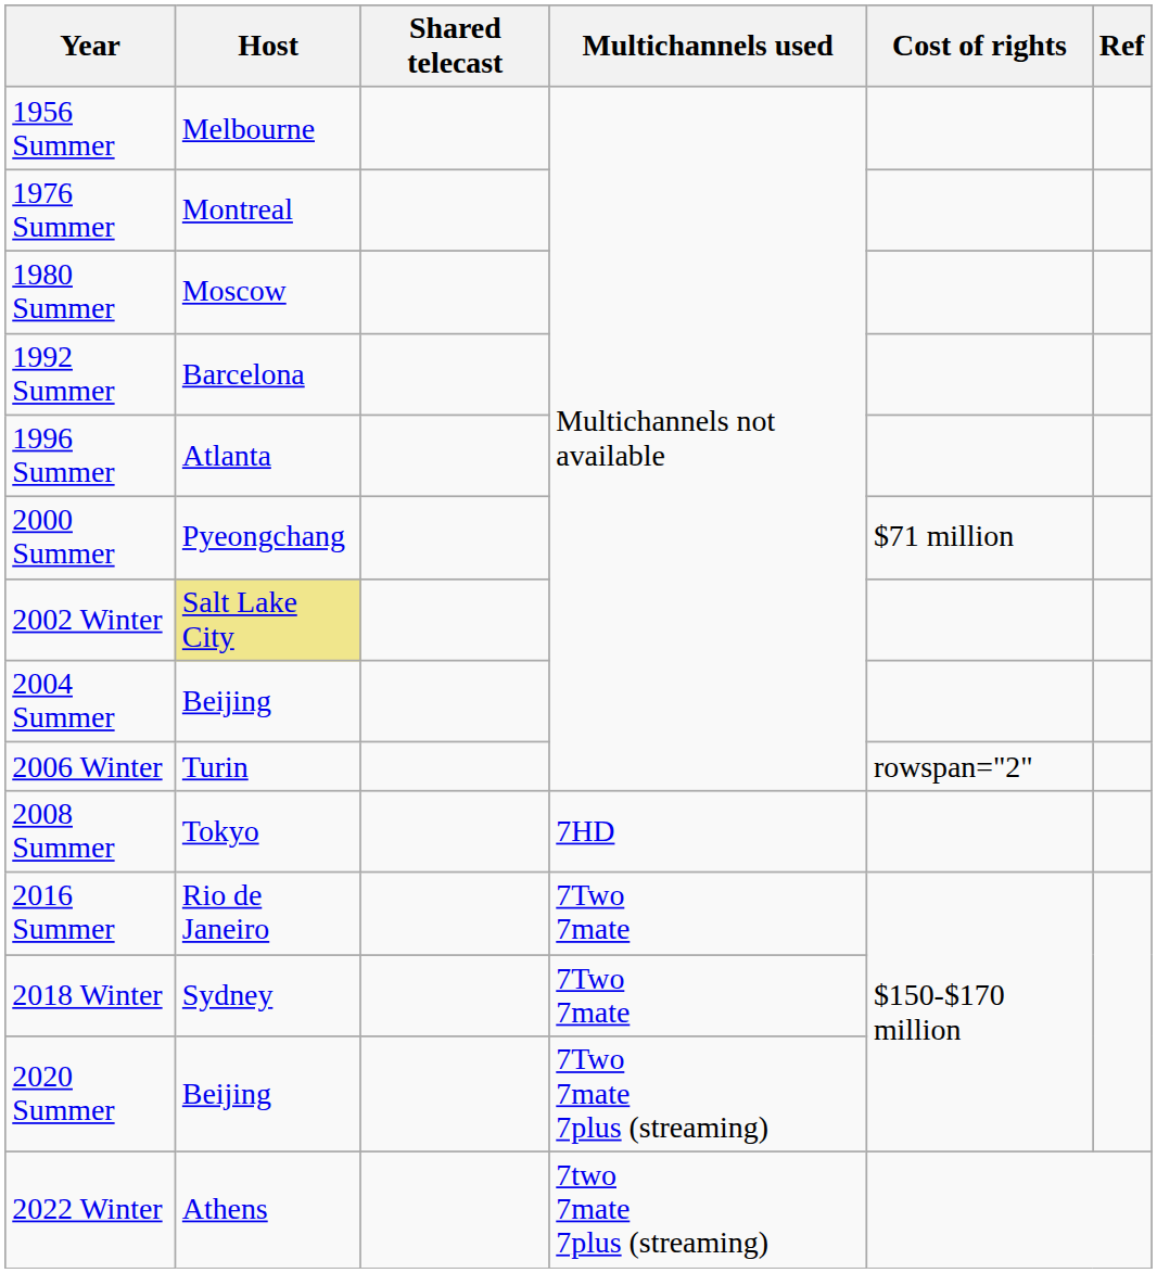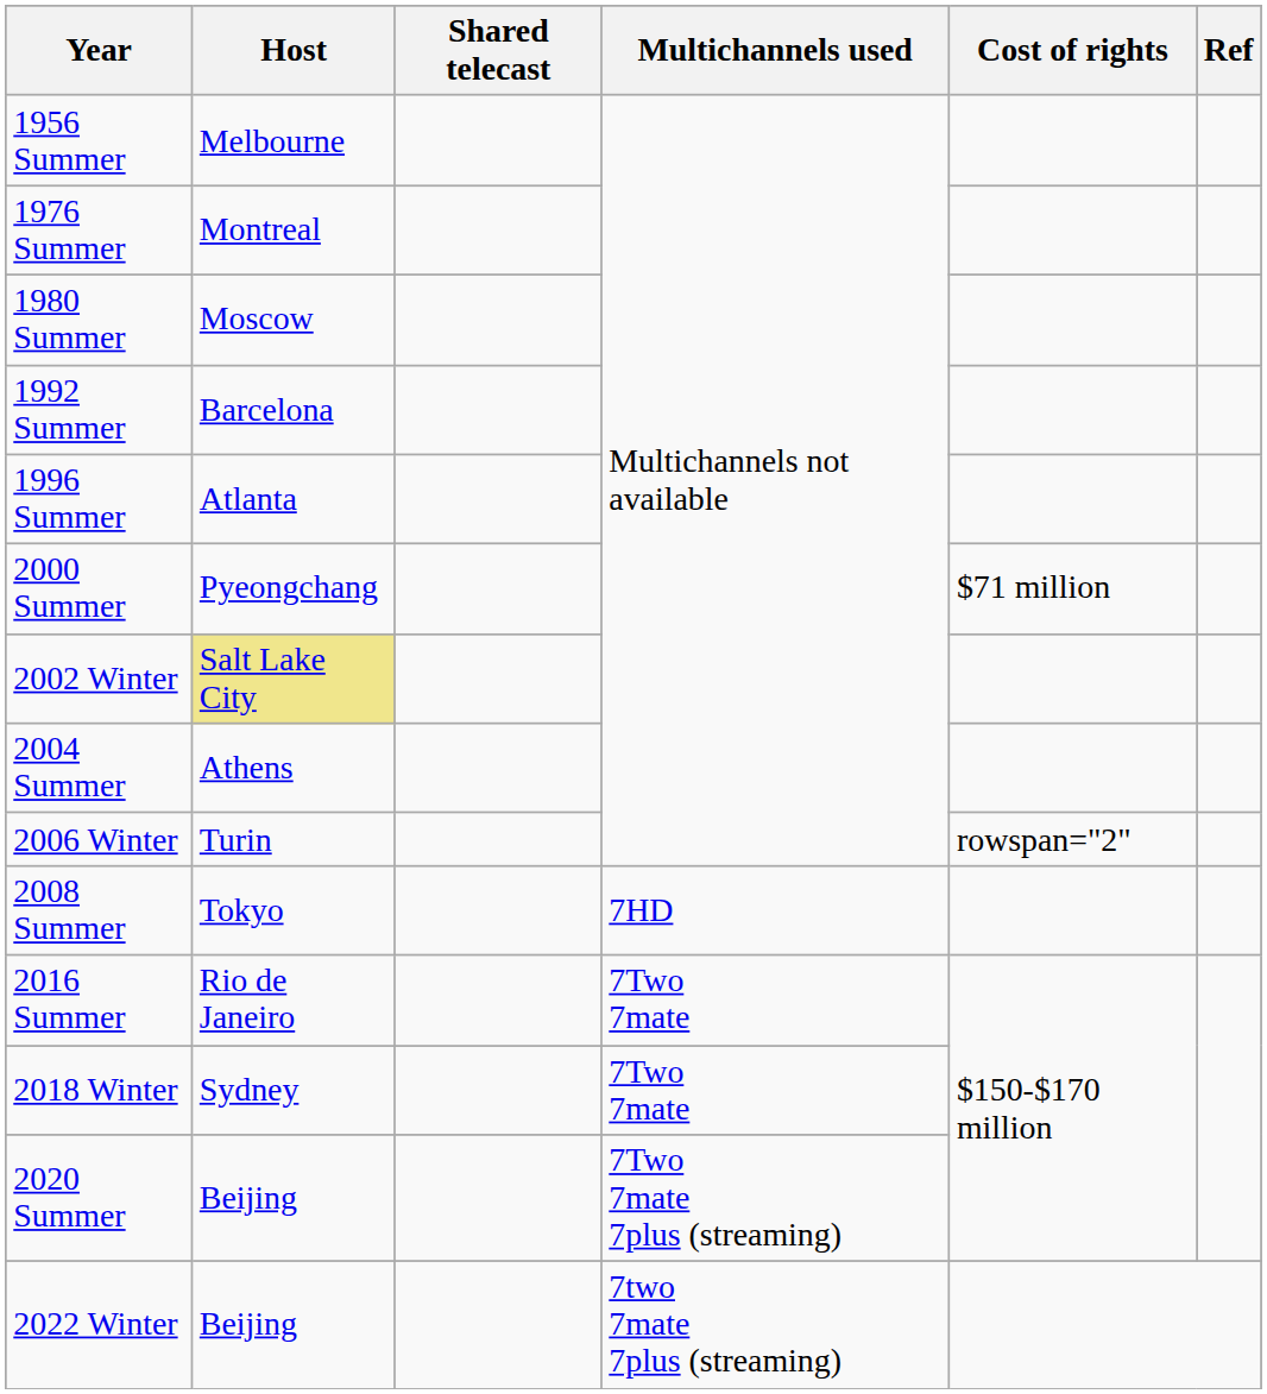 <table class="wikitable">
 <tr>
 <th>Year</th>
 <th>Host</th>
 <th>Shared telecast</th>
 <th>Multichannels used</th>
 <th>Cost of rights</th>
 <th>Ref</th>
 </tr>
 <tr>
 <td><a href='#'>1956 Summer</a></td>
 <td><a href='#'>Melbourne</a></td>
 <td></td>
 <td rowspan="9">Multichannels not available</td>
 <td></td>
 <td></td>
 </tr>
 <tr>
 <td><a href='#'>1976 Summer</a></td>
 <td><a href='#'>Montreal</a></td>
 <td></td>
 <td></td>
 <td></td>
 </tr>
 <tr>
 <td><a href='#'>1980 Summer</a></td>
 <td><a href='#'>Moscow</a></td>
 <td></td>
 <td></td>
 <td></td>
 </tr>
 <tr>
 <td><a href='#'>1992 Summer</a></td>
 <td><a href='#'>Barcelona</a></td>
 <td></td>
 <td></td>
 <td></td>
 </tr>
 <tr>
 <td><a href='#'>1996 Summer</a></td>
 <td><a href='#'>Atlanta</a></td>
 <td></td>
 <td></td>
 <td></td>
 </tr>
 <tr>
 <td><a href='#'>2000 Summer</a></td>
 <td><a href='#'>Pyeongchang</a></td>
 <td></td>
 <td>$71 million</td>
 <td></td>
 </tr>
 <tr>
 <td><a href='#'>2002 Winter</a></td>
 <td style="background: khaki;"><a href='#'>Salt Lake City</a></td>
 <td></td>
 <td></td>
 </tr>
 <tr>
 <td><a href='#'>2004 Summer</a></td>
-<td><a href='#'>Beijing</a></td>
+<td><a href='#'>Athens</a></td>
 <td></td>
 <td></td>
 <td></td>
 </tr>
 <tr>
 <td><a href='#'>2006 Winter</a></td>
 <td><a href='#'>Turin</a></td>
 <td></td>
 <td>rowspan="2"  </td>
 <td></td>
 </tr>
 <tr>
 <td><a href='#'>2008 Summer</a></td>
 <td><a href='#'>Tokyo</a></td>
 <td></td>
 <td><a href='#'>7HD</a> </td>
 <td></td>
 <td></td>
 </tr>
 <tr>
 <td><a href='#'>2016 Summer</a></td>
 <td><a href='#'>Rio de Janeiro</a></td>
 <td></td>
 <td><a href='#'>7Two</a><br><a href='#'>7mate</a></td>
 <td rowspan="3">$150-$170 million</td>
 <td rowspan="3"></td>
 </tr>
 <tr>
 <td><a href='#'>2018 Winter</a></td>
 <td><a href='#'>Sydney</a></td>
 <td></td>
 <td><a href='#'>7Two</a><br><a href='#'>7mate</a></td>
 </tr>
 <tr>
 <td><a href='#'>2020 Summer</a></td>
 <td><a href='#'>Beijing</a></td>
 <td></td>
 <td><a href='#'>7Two</a><br><a href='#'>7mate</a><br><a href='#'>7plus</a> (streaming)</td>
 </tr>
 <tr>
 <td><a href='#'>2022 Winter</a></td>
-<td><a href='#'>Athens</a></td>
+<td><a href='#'>Beijing</a></td>
 <td></td>
 <td><a href='#'>7two</a><br><a href='#'>7mate</a> <br><a href='#'>7plus</a> (streaming)</td>
 </tr>
 </table>
